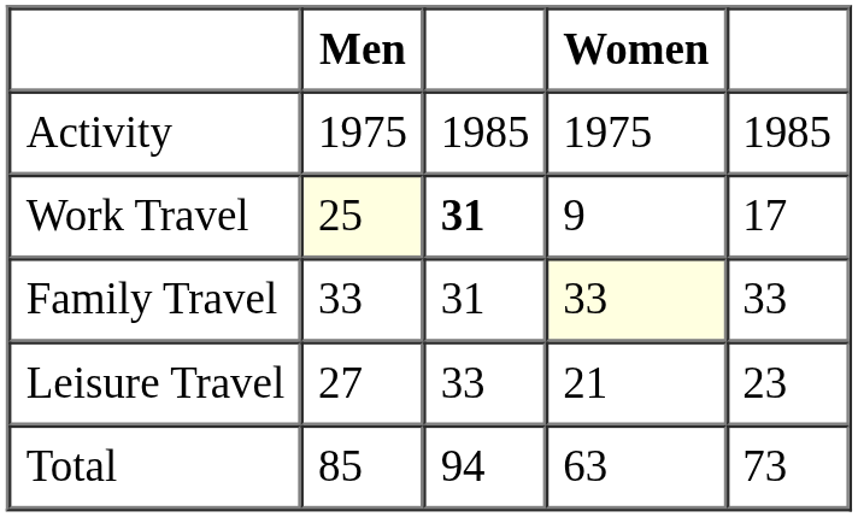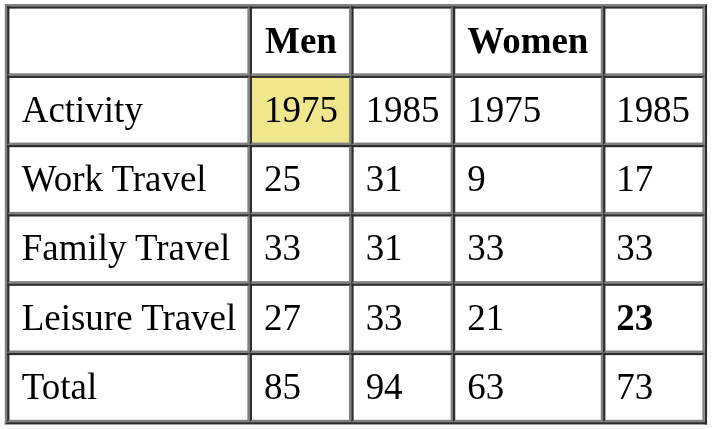 <table border="1" cellpadding="5" cellspacing="0" align="center">
 <tr>
 <th></th>
 <th>Men</th>
 <th></th>
 <th>Women</th>
 <th></th>
 </tr>
 <tr>
 <td>Activity</td>
-<td>1975</td>
+<td style="background: khaki;">1975</td>
 <td>1985</td>
 <td>1975</td>
 <td>1985</td>
 </tr>
 <tr>
 <td>Work Travel</td>
-<td style="background: lightyellow;">25</td>
-<td><strong>31</strong></td>
+<td>25</td>
+<td>31</td>
 <td>9</td>
 <td>17</td>
 </tr>
 <tr>
 <td>Family Travel</td>
 <td>33</td>
 <td>31</td>
-<td style="background: lightyellow;">33</td>
+<td>33</td>
 <td>33</td>
 </tr>
 <tr>
 <td>Leisure Travel</td>
 <td>27</td>
 <td>33</td>
 <td>21</td>
-<td>23</td>
+<td><strong>23</strong></td>
 </tr>
 <tr>
 <td>Total</td>
 <td>85</td>
 <td>94</td>
 <td>63</td>
 <td>73</td>
 </tr>
 <tr>
 </tr>
 </table>
